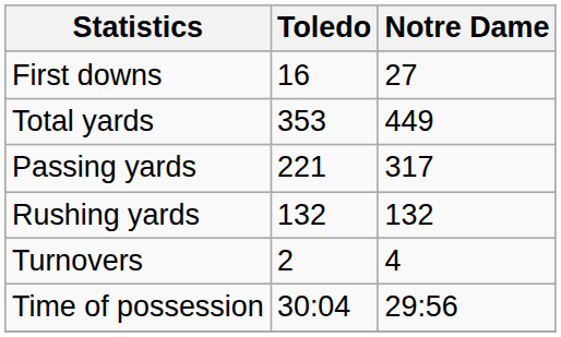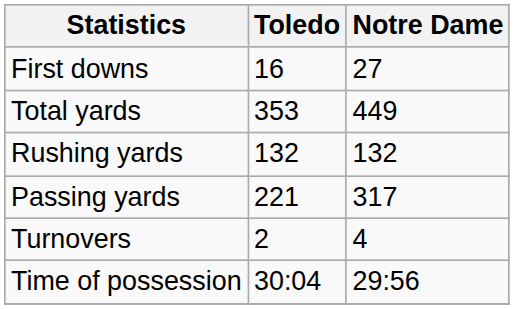 <table class="wikitable">
 <tr>
 <th>Statistics</th>
 <th>Toledo</th>
 <th>Notre Dame</th>
 </tr>
 <tr>
 <td>First downs</td>
 <td>16</td>
 <td>27</td>
 </tr>
 <tr>
 <td>Total yards</td>
 <td>353</td>
 <td>449</td>
 </tr>
 <tr>
+<td>Rushing yards</td>
+<td>132</td>
+<td>132</td>
+</tr>
+<tr>
 <td>Passing yards</td>
 <td>221</td>
 <td>317</td>
-</tr>
-<tr>
-<td>Rushing yards</td>
-<td>132</td>
-<td>132</td>
 </tr>
 <tr>
 <td>Turnovers</td>
 <td>2</td>
 <td>4</td>
 </tr>
 <tr>
 <td>Time of possession</td>
 <td>30:04</td>
 <td>29:56</td>
 </tr>
 <tr>
 </tr>
 </table>
